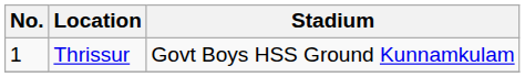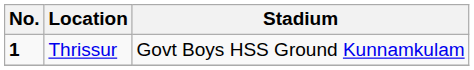 <table class="wikitable">
 <tr>
 <th>No.</th>
 <th>Location</th>
 <th>Stadium</th>
 </tr>
 <tr>
-<td>1</td>
+<td><strong>1</strong></td>
 <td><a href='#'>Thrissur</a></td>
 <td>Govt Boys HSS Ground <a href='#'>Kunnamkulam</a></td>
 </tr>
 <tr>
 </tr>
 </table>
